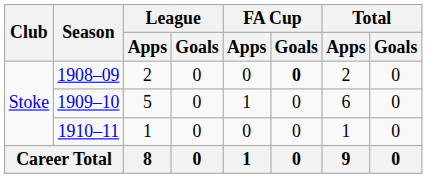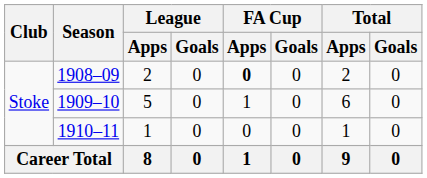 <table class="wikitable" style="text-align: center;">
 <tr>
 <th rowspan="2">Club</th>
 <th rowspan="2">Season</th>
 <th colspan="2">League</th>
 <th colspan="2">FA Cup</th>
 <th colspan="2">Total</th>
 </tr>
 <tr>
 <th>Apps</th>
 <th>Goals</th>
 <th>Apps</th>
 <th>Goals</th>
 <th>Apps</th>
 <th>Goals</th>
 </tr>
 <tr>
 <td rowspan="3"><a href='#'>Stoke</a></td>
 <td><a href='#'>1908–09</a></td>
 <td>2</td>
 <td>0</td>
+<td><strong>0</strong></td>
 <td>0</td>
-<td><strong>0</strong></td>
 <td>2</td>
 <td>0</td>
 </tr>
 <tr>
 <td><a href='#'>1909–10</a></td>
 <td>5</td>
 <td>0</td>
 <td>1</td>
 <td>0</td>
 <td>6</td>
 <td>0</td>
 </tr>
 <tr>
 <td><a href='#'>1910–11</a></td>
 <td>1</td>
 <td>0</td>
 <td>0</td>
 <td>0</td>
 <td>1</td>
 <td>0</td>
 </tr>
 <tr>
 <th colspan="2">Career Total</th>
 <th>8</th>
 <th>0</th>
 <th>1</th>
 <th>0</th>
 <th>9</th>
 <th>0</th>
 </tr>
 </table>
